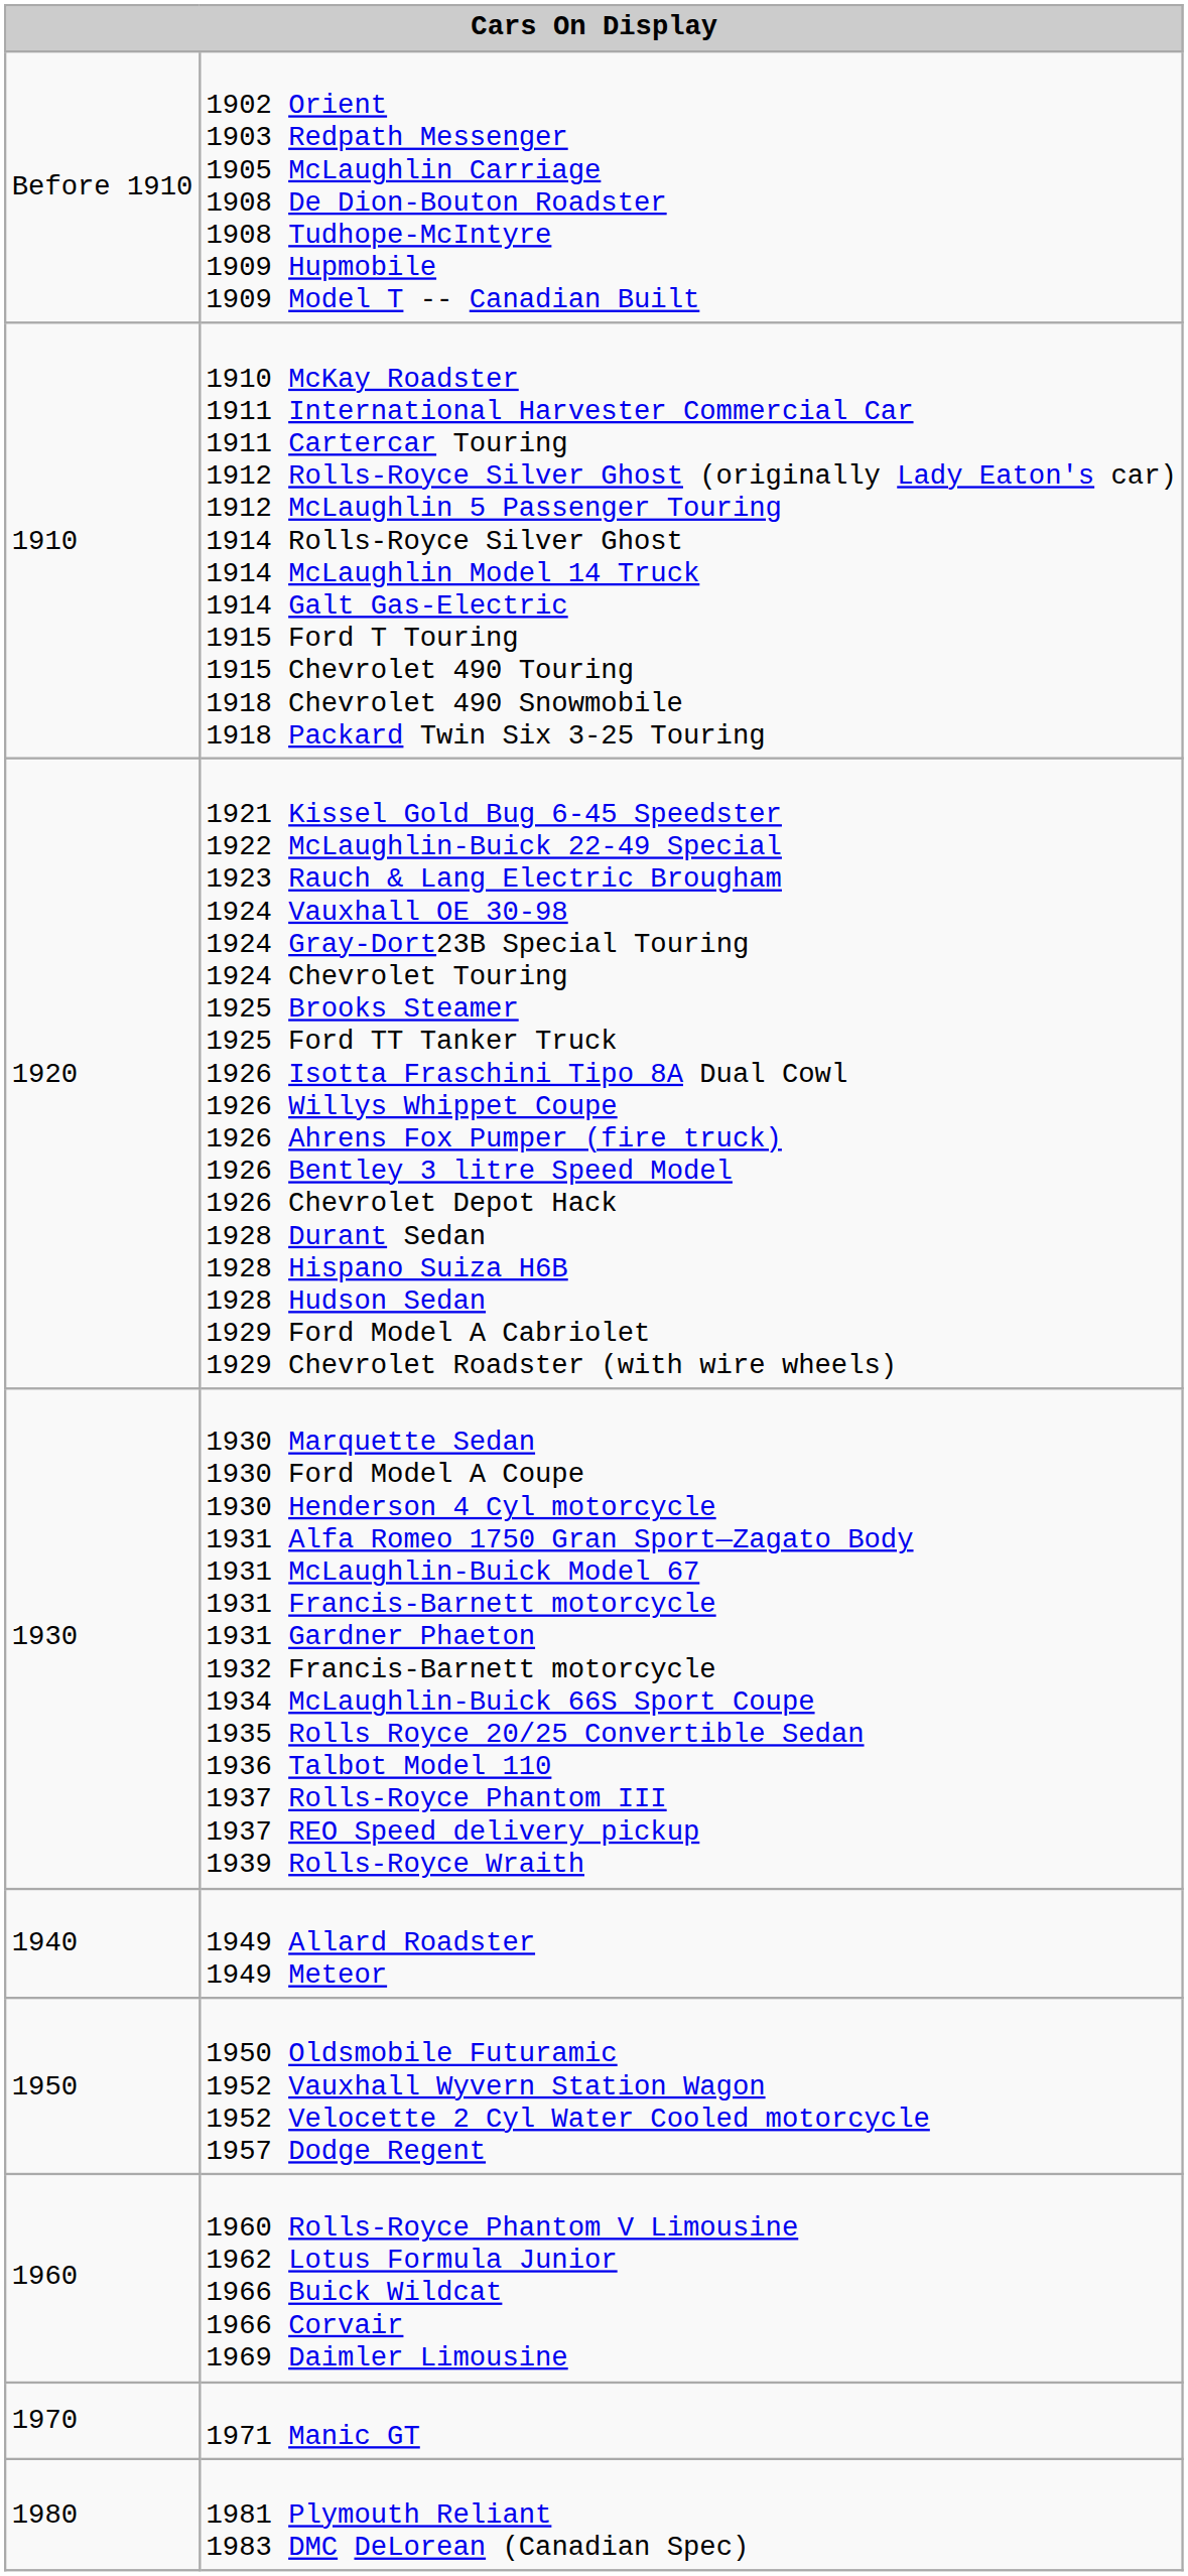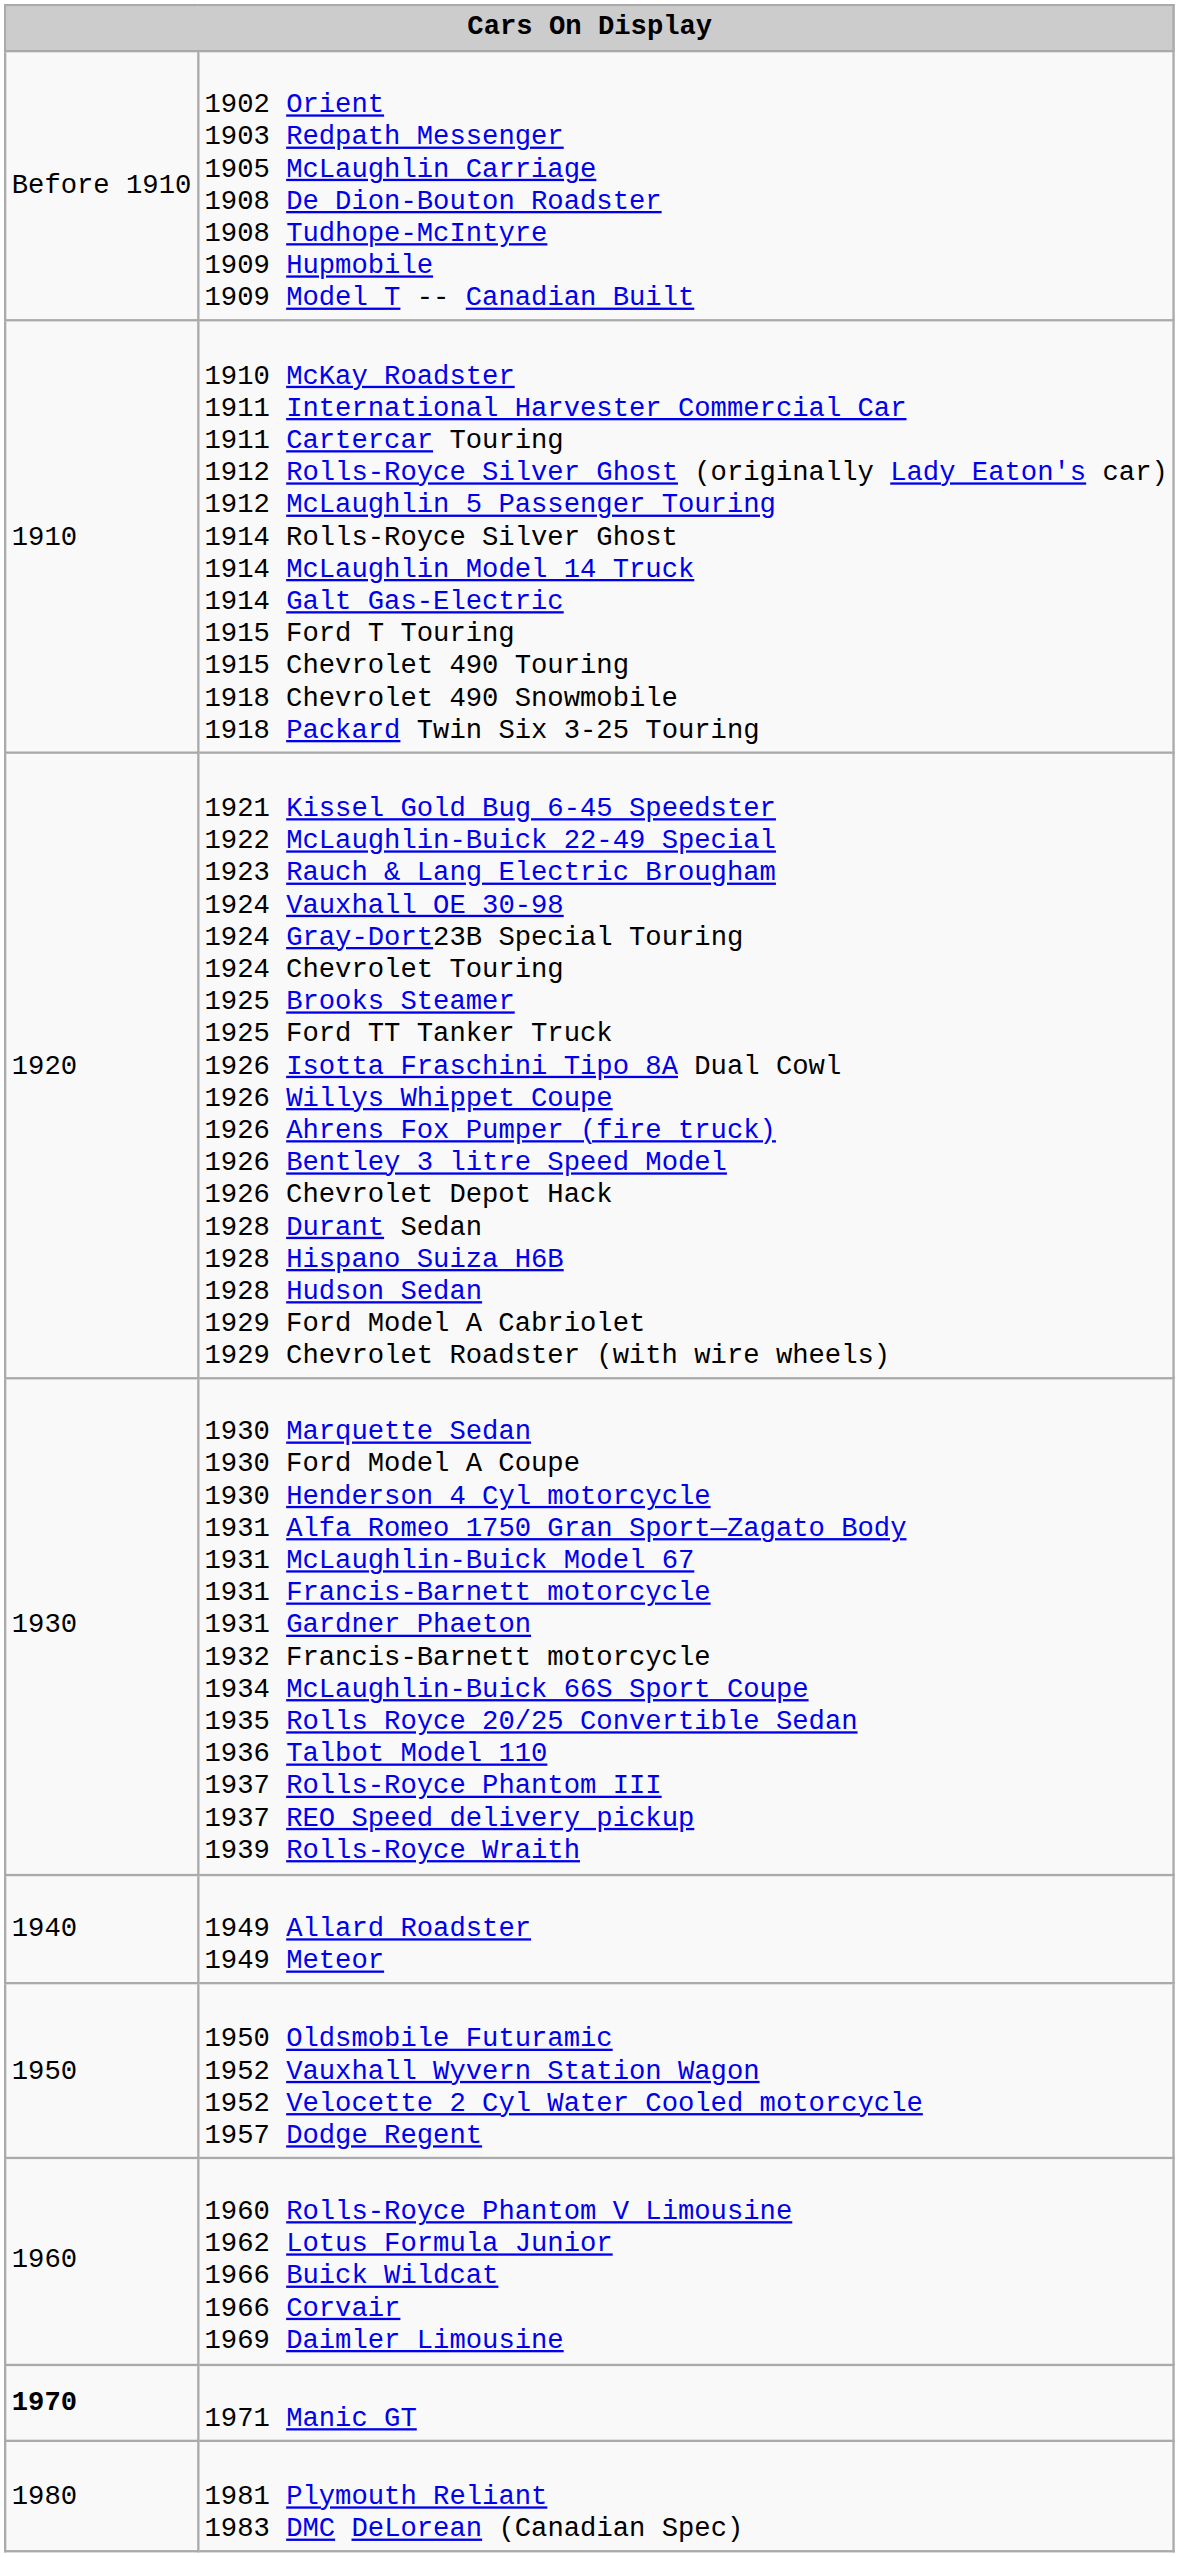 <table class="wikitable" style="text-align:left; font-size:91%;">
 <tr>
 <th style="background:#CCCCCC;text-align:center" valign="middle" colspan="2">Cars On Display</th>
 </tr>
 <tr>
 <td>Before 1910</td>
 <td><br>1902 <a href='#'>Orient</a><br>1903 <a href='#'>Redpath Messenger</a><br>1905 <a href='#'>McLaughlin Carriage</a><br>1908 <a href='#'>De Dion-Bouton Roadster</a><br>1908 <a href='#'>Tudhope-McIntyre</a><br>1909 <a href='#'>Hupmobile</a><br>1909 <a href='#'>Model T</a> -- <a href='#'>Canadian Built</a></td>
 </tr>
 <tr>
 <td>1910</td>
 <td><br>1910 <a href='#'>McKay Roadster</a><br>1911 <a href='#'>International Harvester Commercial Car</a><br>1911 <a href='#'>Cartercar</a> Touring<br>1912 <a href='#'>Rolls-Royce Silver Ghost</a> (originally <a href='#'>Lady Eaton's</a> car)<br>1912 <a href='#'>McLaughlin 5 Passenger Touring</a><br>1914 Rolls-Royce Silver Ghost<br>1914 <a href='#'>McLaughlin Model 14 Truck</a><br>1914 <a href='#'>Galt Gas-Electric</a><br>1915 Ford T Touring<br>1915 Chevrolet 490 Touring<br>1918 Chevrolet 490 Snowmobile<br>1918 <a href='#'>Packard</a> Twin Six 3-25 Touring</td>
 </tr>
 <tr>
 <td>1920</td>
 <td><br>1921 <a href='#'>Kissel Gold Bug 6-45 Speedster</a><br>1922 <a href='#'>McLaughlin-Buick 22-49 Special</a><br>1923 <a href='#'>Rauch & Lang Electric Brougham</a><br>1924 <a href='#'>Vauxhall OE 30-98</a><br>1924 <a href='#'>Gray-Dort</a>23B Special Touring<br>1924 Chevrolet Touring<br>1925 <a href='#'>Brooks Steamer</a><br>1925 Ford TT Tanker Truck<br>1926 <a href='#'>Isotta Fraschini Tipo 8A</a> Dual Cowl<br>1926 <a href='#'>Willys Whippet Coupe</a><br>1926 <a href='#'>Ahrens Fox Pumper (fire truck)</a><br>1926 <a href='#'>Bentley 3 litre Speed Model</a><br>1926 Chevrolet Depot Hack<br>1928 <a href='#'>Durant</a> Sedan<br>1928 <a href='#'>Hispano Suiza H6B</a><br>1928 <a href='#'>Hudson Sedan</a><br>1929 Ford Model A Cabriolet<br>1929 Chevrolet Roadster (with wire wheels)</td>
 </tr>
 <tr>
 <td>1930</td>
 <td><br>1930 <a href='#'>Marquette Sedan</a><br>1930 Ford Model A Coupe<br>1930 <a href='#'>Henderson 4 Cyl motorcycle</a><br>1931 <a href='#'>Alfa Romeo 1750 Gran Sport—Zagato Body</a><br>1931 <a href='#'>McLaughlin-Buick Model 67</a><br>1931 <a href='#'>Francis-Barnett motorcycle</a><br>1931 <a href='#'>Gardner Phaeton</a><br>1932 Francis-Barnett motorcycle<br>1934 <a href='#'>McLaughlin-Buick 66S Sport Coupe</a><br>1935 <a href='#'>Rolls Royce 20/25 Convertible Sedan</a><br>1936 <a href='#'>Talbot Model 110</a><br>1937 <a href='#'>Rolls-Royce Phantom III</a><br>1937 <a href='#'>REO Speed delivery pickup</a><br>1939 <a href='#'>Rolls-Royce Wraith</a></td>
 </tr>
 <tr>
 <td>1940</td>
 <td><br>1949 <a href='#'>Allard Roadster</a><br>1949 <a href='#'>Meteor</a></td>
 </tr>
 <tr>
 <td>1950</td>
 <td><br>1950 <a href='#'>Oldsmobile Futuramic</a><br>1952 <a href='#'>Vauxhall Wyvern Station Wagon</a><br>1952 <a href='#'>Velocette 2 Cyl Water Cooled motorcycle</a><br>1957 <a href='#'>Dodge Regent</a></td>
 </tr>
 <tr>
 <td>1960</td>
 <td><br>1960 <a href='#'>Rolls-Royce Phantom V Limousine</a><br>1962 <a href='#'>Lotus Formula Junior</a><br>1966 <a href='#'>Buick Wildcat</a><br>1966 <a href='#'>Corvair</a><br>1969 <a href='#'>Daimler Limousine</a></td>
 </tr>
 <tr>
-<td>1970</td>
+<td><strong>1970</strong></td>
 <td><br>1971 <a href='#'>Manic GT</a></td>
 </tr>
 <tr>
 <td>1980</td>
 <td><br>1981 <a href='#'>Plymouth Reliant</a><br>1983 <a href='#'>DMC</a> <a href='#'>DeLorean</a> (Canadian Spec)</td>
 </tr>
 </table>
